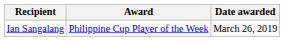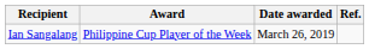 <table class="wikitable sortable sortable" style="text-align: center">
 <tr>
 <th>Recipient</th>
 <th>Award</th>
 <th>Date awarded</th>
+<th>Ref.</th>
 </tr>
 <tr>
 <td><a href='#'>Ian Sangalang</a></td>
 <td><a href='#'>Philippine Cup Player of the Week</a></td>
 <td>March 26, 2019</td>
+<td></td>
 </tr>
 </table>
